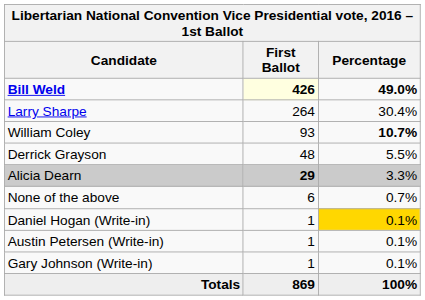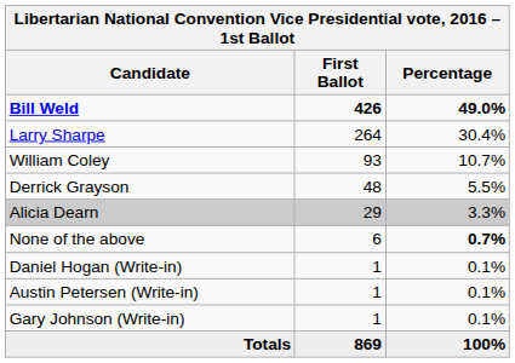 <table class="wikitable" style="font-size:95%;">
 <tr>
 <th colspan="3">Libertarian National Convention Vice Presidential vote, 2016 – 1st Ballot</th>
 </tr>
 <tr>
 <th style="width: 17em">Candidate</th>
 <th style="width: 5em">First Ballot</th>
 <th style="width: 7em">Percentage</th>
 </tr>
 <tr>
 <td><strong><a href='#'>Bill Weld</a></strong></td>
-<td style="background: lightyellow; text-align:right;"><strong>426</strong></td>
+<td style="text-align:right;"><strong>426</strong></td>
 <td style="text-align:right;"><strong>49.0%</strong></td>
 </tr>
 <tr>
 <td><a href='#'>Larry Sharpe</a></td>
 <td style="text-align:right;">264</td>
 <td style="text-align:right;">30.4%</td>
 </tr>
 <tr>
 <td>William Coley</td>
 <td style="text-align:right;">93</td>
-<td style="text-align:right;"><strong>10.7%</strong></td>
+<td style="text-align:right;">10.7%</td>
 </tr>
 <tr>
 <td>Derrick Grayson</td>
 <td style="text-align:right;">48</td>
 <td style="text-align:right;">5.5%</td>
 </tr>
 <tr style="background:#cbcbcb">
 <td>Alicia Dearn</td>
-<td style="text-align:right;"><strong>29</strong></td>
+<td style="text-align:right;">29</td>
 <td style="text-align:right;">3.3%</td>
 </tr>
 <tr>
 <td>None of the above</td>
 <td style="text-align:right;">6</td>
-<td style="text-align:right;">0.7%</td>
+<td style="text-align:right;"><strong>0.7%</strong></td>
 </tr>
 <tr>
 <td>Daniel Hogan (Write-in)</td>
 <td style="text-align:right;">1</td>
-<td style="background: gold; text-align:right;">0.1%</td>
+<td style="text-align:right;">0.1%</td>
 </tr>
 <tr>
 <td>Austin Petersen (Write-in)</td>
 <td style="text-align:right;">1</td>
 <td style="text-align:right;">0.1%</td>
 </tr>
 <tr>
 <td>Gary Johnson (Write-in)</td>
 <td style="text-align:right;">1</td>
 <td style="text-align:right;">0.1%</td>
 </tr>
 <tr style="background:#eee; text-align:right;">
 <td><strong>Totals</strong></td>
 <td><strong>869</strong></td>
 <td><strong>100%</strong></td>
 </tr>
 </table>
